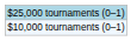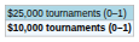 <table class="wikitable" style="font-size:85%">
 <tr style="background:lightblue;">
 <td>$25,000 tournaments (0–1)</td>
 </tr>
 <tr style="background:#f0f8ff;">
-<td>$10,000 tournaments (0–1)</td>
+<td><strong>$10,000 tournaments (0–1)</strong></td>
 </tr>
 </table>
